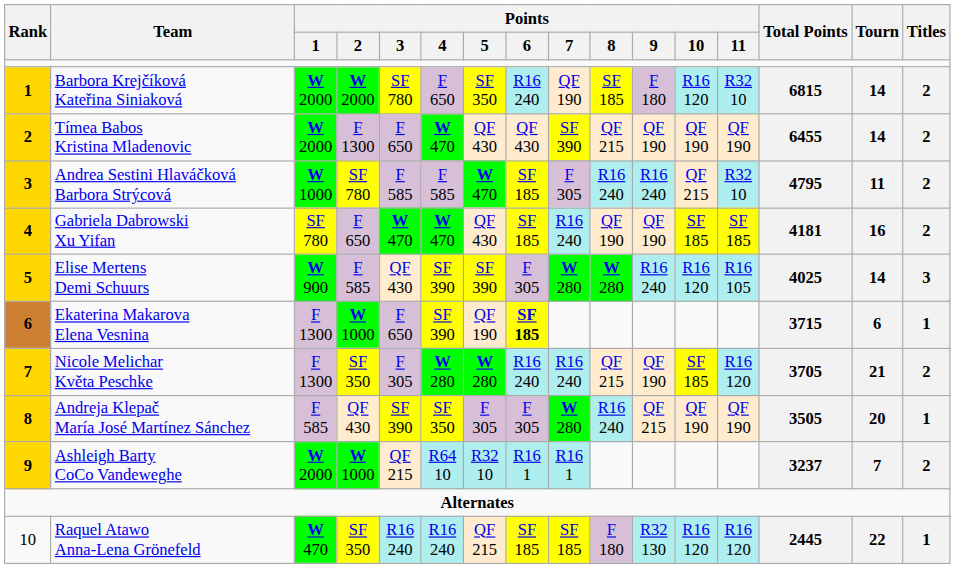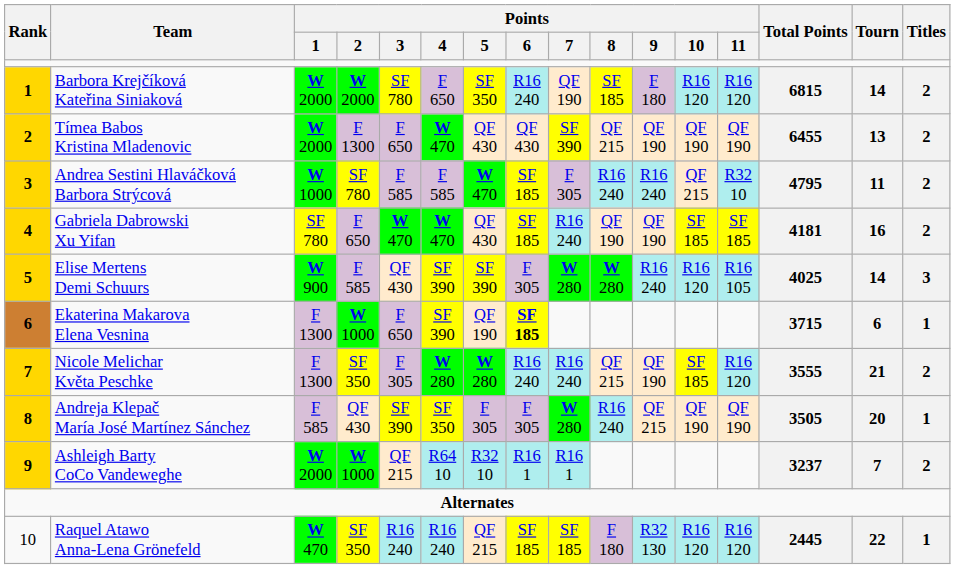 <table class=wikitable style=font-size:90%;text-align:center>
 <tr>
 <th rowspan="2" style="width:20px;">Rank</th>
 <th rowspan="2" style="width:205px;">Team</th>
 <th colspan="11" style="width:50px;">Points</th>
 <th rowspan=2>Total Points</th>
 <th rowspan=2>Tourn</th>
 <th rowspan=2>Titles</th>
 </tr>
 <tr>
 <th width=30>1</th>
 <th width=30>2</th>
 <th width=30>3</th>
 <th width=30>4</th>
 <th width=30>5</th>
 <th width=30>6</th>
 <th width=30>7</th>
 <th width=30>8</th>
 <th width=30>9</th>
 <th width=30>10</th>
 <th width=30>11</th>
 </tr>
 <tr>
 <td colspan="16"></td>
 </tr>
 <tr>
 <td bgcolor=gold><strong>1</strong></td>
 <td align="left"> <a href='#'>Barbora Krejčíková</a> <br>  <a href='#'>Kateřina Siniaková</a></td>
 <td bgcolor=lime><strong><a href='#'>W</a></strong><br>2000</td>
 <td bgcolor=lime><strong><a href='#'>W</a></strong><br>2000</td>
 <td style="background:yellow;"><a href='#'>SF</a><br>780</td>
 <td style="background:thistle;"><a href='#'>F</a><br>650</td>
 <td style="background:yellow;"><a href='#'>SF</a><br>350</td>
 <td bgcolor=afeeee><a href='#'>R16</a><br>240</td>
 <td bgcolor=ffebcd><a href='#'>QF</a><br>190</td>
 <td style="background:yellow;"><a href='#'>SF</a><br>185</td>
 <td style="background:thistle;"><a href='#'>F</a><br>180</td>
 <td bgcolor=afeeee><a href='#'>R16</a><br>120</td>
-<td bgcolor=afeeee><a href='#'>R32</a><br>10</td>
+<td bgcolor=afeeee><a href='#'>R16</a><br>120</td>
 <th>6815</th>
 <th>14</th>
 <th>2</th>
 </tr>
 <tr>
 <td bgcolor=gold><strong>2</strong></td>
 <td align="left"> <a href='#'>Tímea Babos</a> <br>  <a href='#'>Kristina Mladenovic</a></td>
 <td bgcolor=lime><strong><a href='#'>W</a></strong><br>2000</td>
 <td style="background:thistle;"><a href='#'>F</a><br>1300</td>
 <td style="background:thistle;"><a href='#'>F</a><br>650</td>
 <td bgcolor=lime><strong><a href='#'>W</a></strong><br>470</td>
 <td bgcolor=ffebcd><a href='#'>QF</a><br>430</td>
 <td bgcolor=ffebcd><a href='#'>QF</a><br>430</td>
 <td style="background:yellow;"><a href='#'>SF</a><br>390</td>
 <td bgcolor=ffebcd><a href='#'>QF</a><br>215</td>
 <td bgcolor=ffebcd><a href='#'>QF</a><br>190</td>
 <td bgcolor=ffebcd><a href='#'>QF</a><br>190</td>
 <td bgcolor=ffebcd><a href='#'>QF</a><br>190</td>
 <th>6455</th>
-<th>14</th>
+<th>13</th>
 <th>2</th>
 </tr>
 <tr>
 <td bgcolor=gold><strong>3</strong></td>
 <td align="left"> <a href='#'>Andrea Sestini Hlaváčková</a> <br>  <a href='#'>Barbora Strýcová</a></td>
 <td bgcolor=lime><strong><a href='#'>W</a></strong><br>1000</td>
 <td style="background:yellow;"><a href='#'>SF</a><br>780</td>
 <td style="background:thistle;"><a href='#'>F</a><br>585</td>
 <td style="background:thistle;"><a href='#'>F</a><br>585</td>
 <td bgcolor=lime><strong><a href='#'>W</a></strong><br>470</td>
 <td style="background:yellow;"><a href='#'>SF</a><br>185</td>
 <td style="background:thistle;"><a href='#'>F</a><br>305</td>
 <td bgcolor=afeeee><a href='#'>R16</a><br>240</td>
 <td bgcolor=afeeee><a href='#'>R16</a><br>240</td>
 <td bgcolor=ffebcd><a href='#'>QF</a><br>215</td>
 <td bgcolor=afeeee><a href='#'>R32</a><br>10</td>
 <th>4795</th>
 <th>11</th>
 <th>2</th>
 </tr>
 <tr>
 <td bgcolor=gold><strong>4</strong></td>
 <td align="left"> <a href='#'>Gabriela Dabrowski</a> <br>  <a href='#'>Xu Yifan</a></td>
 <td style="background:yellow;"><a href='#'>SF</a><br>780</td>
 <td style="background:thistle;"><a href='#'>F</a><br>650</td>
 <td bgcolor=lime><strong><a href='#'>W</a></strong><br>470</td>
 <td bgcolor=lime><strong><a href='#'>W</a></strong><br>470</td>
 <td bgcolor=ffebcd><a href='#'>QF</a><br>430</td>
 <td style="background:yellow;"><a href='#'>SF</a><br>185</td>
 <td bgcolor=afeeee><a href='#'>R16</a><br>240</td>
 <td bgcolor=ffebcd><a href='#'>QF</a><br>190</td>
 <td bgcolor=ffebcd><a href='#'>QF</a><br>190</td>
 <td style="background:yellow;"><a href='#'>SF</a><br>185</td>
 <td style="background:yellow;"><a href='#'>SF</a><br>185</td>
 <th>4181</th>
 <th>16</th>
 <th>2</th>
 </tr>
 <tr>
 <td bgcolor=gold><strong>5</strong></td>
 <td align="left"> <a href='#'>Elise Mertens</a> <br>  <a href='#'>Demi Schuurs</a></td>
 <td bgcolor=lime><strong><a href='#'>W</a></strong><br>900</td>
 <td style="background:thistle;"><a href='#'>F</a><br>585</td>
 <td bgcolor=ffebcd><a href='#'>QF</a><br>430</td>
 <td style="background:yellow;"><a href='#'>SF</a><br>390</td>
 <td style="background:yellow;"><a href='#'>SF</a><br>390</td>
 <td style="background:thistle;"><a href='#'>F</a><br>305</td>
 <td bgcolor=lime><strong><a href='#'>W</a></strong><br>280</td>
 <td bgcolor=lime><strong><a href='#'>W</a></strong><br>280</td>
 <td bgcolor=afeeee><a href='#'>R16</a><br>240</td>
 <td bgcolor=afeeee><a href='#'>R16</a><br>120</td>
 <td bgcolor=afeeee><a href='#'>R16</a><br>105</td>
 <th>4025</th>
 <th>14</th>
 <th>3</th>
 </tr>
 <tr>
 <td style="background:#cd7f32;"><strong>6</strong></td>
 <td align="left"> <a href='#'>Ekaterina Makarova</a> <br>  <a href='#'>Elena Vesnina</a></td>
 <td style="background:thistle;"><a href='#'>F</a><br>1300</td>
 <td bgcolor=lime><strong><a href='#'>W</a></strong><br>1000</td>
 <td style="background:thistle;"><a href='#'>F</a><br>650</td>
 <td style="background:yellow;"><a href='#'>SF</a><br>390</td>
 <td bgcolor=ffebcd><a href='#'>QF</a><br>190</td>
 <td style="background:yellow;"><strong><a href='#'>SF</a><br>185</strong></td>
 <td></td>
 <td></td>
 <td></td>
 <td></td>
 <td></td>
 <th>3715</th>
 <th>6</th>
 <th>1</th>
 </tr>
 <tr>
 <td bgcolor=gold><strong>7</strong></td>
 <td style="text-align:left;"> <a href='#'>Nicole Melichar</a> <br>  <a href='#'>Květa Peschke</a></td>
 <td style="background:thistle;"><a href='#'>F</a><br>1300</td>
 <td style="background:yellow;"><a href='#'>SF</a><br>350</td>
 <td style="background:thistle;"><a href='#'>F</a><br>305</td>
 <td bgcolor=lime><strong><a href='#'>W</a></strong><br>280</td>
 <td bgcolor=lime><strong><a href='#'>W</a></strong><br>280</td>
 <td bgcolor=afeeee><a href='#'>R16</a><br>240</td>
 <td bgcolor=afeeee><a href='#'>R16</a><br>240</td>
 <td bgcolor=ffebcd><a href='#'>QF</a><br>215</td>
 <td bgcolor=ffebcd><a href='#'>QF</a><br>190</td>
 <td style="background:yellow;"><a href='#'>SF</a><br>185</td>
 <td bgcolor=afeeee><a href='#'>R16</a><br>120</td>
-<th>3705</th>
+<th>3555</th>
 <th>21</th>
 <th>2</th>
 </tr>
 <tr>
 <td bgcolor=gold><strong>8</strong></td>
 <td align="left"> <a href='#'>Andreja Klepač</a> <br>  <a href='#'>María José Martínez Sánchez</a></td>
 <td style="background:thistle;"><a href='#'>F</a><br>585</td>
 <td bgcolor=ffebcd><a href='#'>QF</a><br>430</td>
 <td style="background:yellow;"><a href='#'>SF</a><br>390</td>
 <td style="background:yellow;"><a href='#'>SF</a><br>350</td>
 <td style="background:thistle;"><a href='#'>F</a><br>305</td>
 <td style="background:thistle;"><a href='#'>F</a><br>305</td>
 <td bgcolor=lime><strong><a href='#'>W</a></strong><br>280</td>
 <td bgcolor=afeeee><a href='#'>R16</a><br>240</td>
 <td bgcolor=ffebcd><a href='#'>QF</a><br>215</td>
 <td bgcolor=ffebcd><a href='#'>QF</a><br>190</td>
 <td bgcolor=ffebcd><a href='#'>QF</a><br>190</td>
 <th>3505</th>
 <th>20</th>
 <th>1</th>
 </tr>
 <tr>
 <td bgcolor=gold><strong>9</strong></td>
 <td align="left"> <a href='#'>Ashleigh Barty</a> <br>  <a href='#'>CoCo Vandeweghe</a></td>
 <td bgcolor=lime><strong><a href='#'>W</a></strong><br>2000</td>
 <td bgcolor=lime><strong><a href='#'>W</a></strong><br>1000</td>
 <td bgcolor=ffebcd><a href='#'>QF</a><br>215</td>
 <td bgcolor=afeeee><a href='#'>R64</a><br>10</td>
 <td bgcolor=afeeee><a href='#'>R32</a><br>10</td>
 <td bgcolor=afeeee><a href='#'>R16</a><br>1</td>
 <td bgcolor=afeeee><a href='#'>R16</a><br>1</td>
 <td></td>
 <td></td>
 <td></td>
 <td></td>
 <th>3237</th>
 <th>7</th>
 <th>2</th>
 </tr>
 <tr>
 <td colspan="16"><strong>Alternates</strong></td>
 </tr>
 <tr>
 <td>10</td>
 <td align="left"> <a href='#'>Raquel Atawo</a> <br>  <a href='#'>Anna-Lena Grönefeld</a></td>
 <td bgcolor=lime><strong><a href='#'>W</a></strong><br>470</td>
 <td style="background:yellow;"><a href='#'>SF</a><br>350</td>
 <td bgcolor=afeeee><a href='#'>R16</a><br>240</td>
 <td bgcolor=afeeee><a href='#'>R16</a><br>240</td>
 <td bgcolor=ffebcd><a href='#'>QF</a><br>215</td>
 <td style="background:yellow;"><a href='#'>SF</a><br>185</td>
 <td style="background:yellow;"><a href='#'>SF</a><br>185</td>
 <td bgcolor=thistle><a href='#'>F</a><br>180</td>
 <td bgcolor=afeeee><a href='#'>R32</a><br>130</td>
 <td bgcolor=afeeee><a href='#'>R16</a><br>120</td>
 <td bgcolor=afeeee><a href='#'>R16</a><br>120</td>
 <th>2445</th>
 <th>22</th>
 <th>1</th>
 </tr>
 </table>
